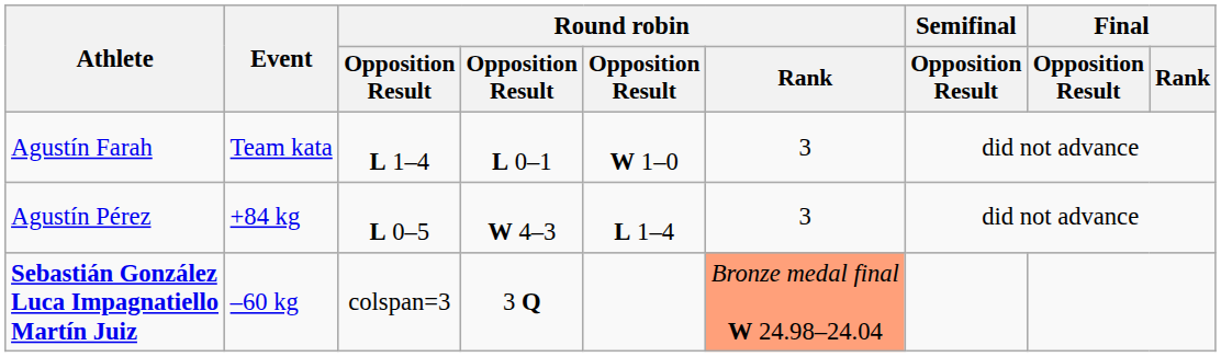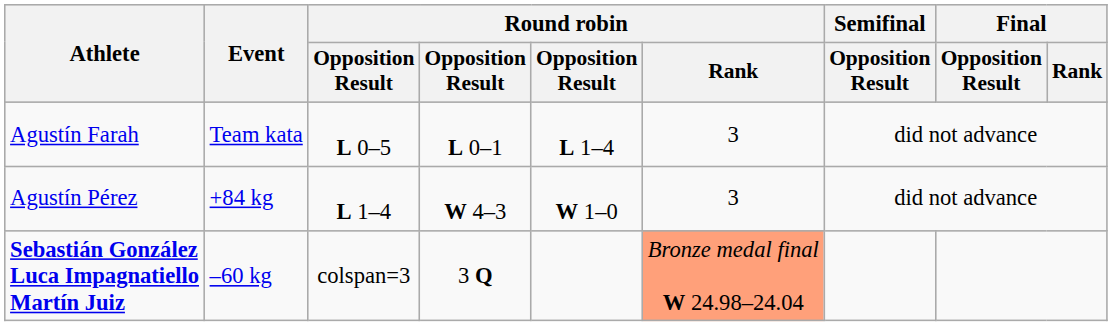 <table class="wikitable" style="font-size:90%;text-align:center">
 <tr>
 <th rowspan=2>Athlete</th>
 <th rowspan=2>Event</th>
 <th colspan=4>Round robin</th>
 <th>Semifinal</th>
 <th colspan=2>Final</th>
 </tr>
 <tr style=font-size:95%>
 <th>Opposition<br>Result</th>
 <th>Opposition<br>Result</th>
 <th>Opposition<br>Result</th>
 <th>Rank</th>
 <th>Opposition<br>Result</th>
 <th>Opposition<br>Result</th>
 <th>Rank</th>
 </tr>
 <tr>
 <td style="text-align:left"><a href='#'>Agustín Farah</a></td>
 <td style="text-align:left"><a href='#'>Team kata</a></td>
+<td><br><strong>L</strong> 0–5</td>
+<td><br><strong>L</strong> 0–1</td>
 <td><br><strong>L</strong> 1–4</td>
-<td><br><strong>L</strong> 0–1</td>
-<td><br><strong>W</strong> 1–0</td>
 <td>3</td>
 <td colspan=3>did not advance</td>
 </tr>
 <tr>
 <td style="text-align:left"><a href='#'>Agustín Pérez</a></td>
 <td style="text-align:left"><a href='#'>+84 kg</a></td>
-<td><br><strong>L</strong> 0–5</td>
+<td><br><strong>L</strong> 1–4</td>
 <td><br><strong>W</strong> 4–3</td>
-<td><br><strong>L</strong> 1–4</td>
+<td><br><strong>W</strong> 1–0</td>
 <td>3</td>
 <td colspan=3>did not advance</td>
 </tr>
 <tr>
 <td style="text-align:left"><strong><a href='#'>Sebastián González</a><br><a href='#'>Luca Impagnatiello</a><br><a href='#'>Martín Juiz</a></strong></td>
 <td style="text-align:left"><a href='#'>–60 kg</a></td>
 <td>colspan=3 </td>
 <td>3 <strong>Q</strong></td>
 <td></td>
 <td style="background: lightsalmon;"><em>Bronze medal final</em><br><br><strong>W</strong> 24.98–24.04</td>
 <td></td>
 </tr>
 </table>
